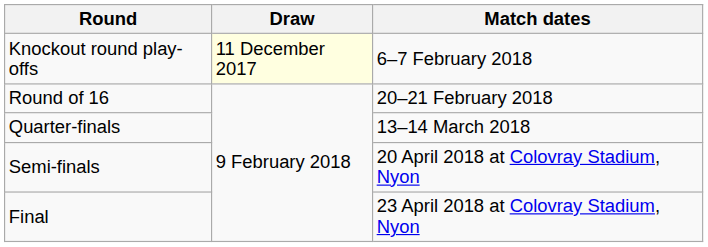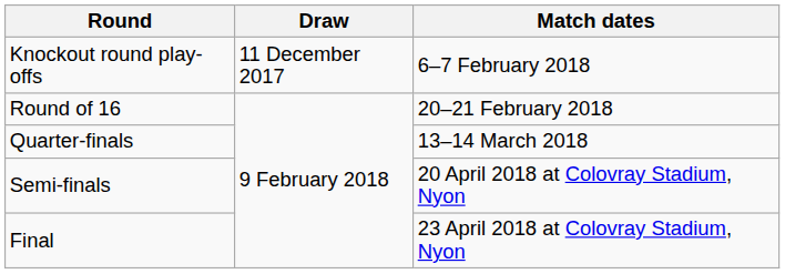 <table class="wikitable">
 <tr>
 <th>Round</th>
 <th>Draw</th>
 <th>Match dates</th>
 </tr>
 <tr>
 <td>Knockout round play-offs</td>
-<td style="background: lightyellow;">11 December 2017</td>
+<td>11 December 2017</td>
 <td colspan=2>6–7 February 2018</td>
 </tr>
 <tr>
 <td>Round of 16</td>
 <td rowspan=4>9 February 2018</td>
 <td colspan=2>20–21 February 2018</td>
 </tr>
 <tr>
 <td>Quarter-finals</td>
 <td colspan=2>13–14 March 2018</td>
 </tr>
 <tr>
 <td>Semi-finals</td>
 <td colspan=2>20 April 2018 at <a href='#'>Colovray Stadium</a>, <a href='#'>Nyon</a></td>
 </tr>
 <tr>
 <td>Final</td>
 <td colspan=2>23 April 2018 at <a href='#'>Colovray Stadium</a>, <a href='#'>Nyon</a></td>
 </tr>
 </table>
